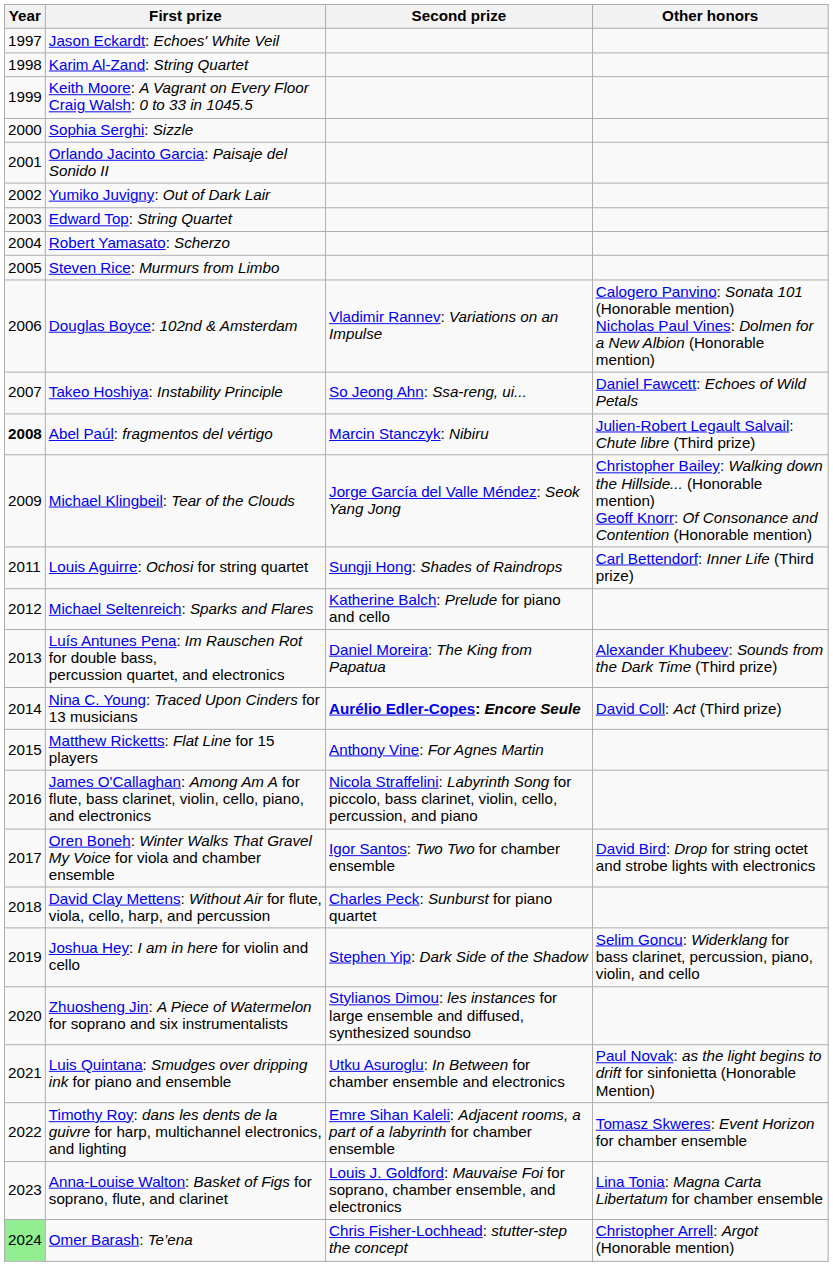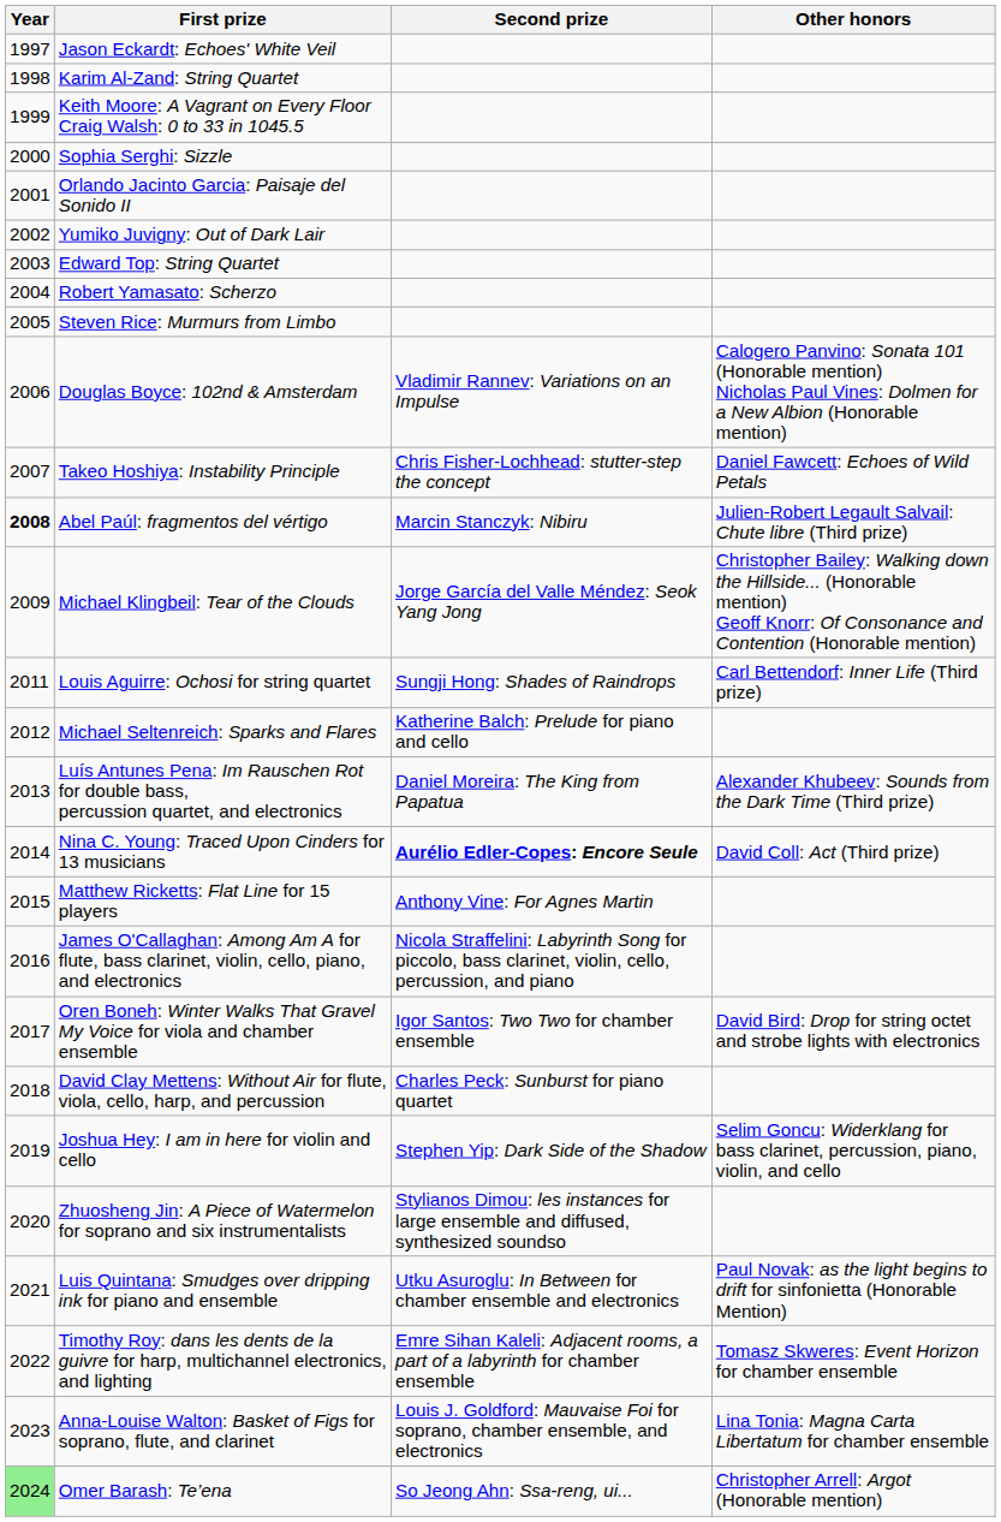 <table class="wikitable">
 <tr>
 <th>Year</th>
 <th>First prize</th>
 <th>Second prize</th>
 <th>Other honors</th>
 </tr>
 <tr>
 <td>1997</td>
 <td><a href='#'>Jason Eckardt</a>: <em>Echoes' White Veil</em></td>
 <td></td>
 <td></td>
 </tr>
 <tr>
 <td>1998</td>
 <td><a href='#'>Karim Al-Zand</a>: <em>String Quartet</em></td>
 <td></td>
 <td></td>
 </tr>
 <tr>
 <td>1999</td>
 <td><a href='#'>Keith Moore</a>: <em>A Vagrant on Every Floor</em><br><a href='#'>Craig Walsh</a>: <em>0 to 33 in 1045.5</em></td>
 <td></td>
 <td></td>
 </tr>
 <tr>
 <td>2000</td>
 <td><a href='#'>Sophia Serghi</a>: <em>Sizzle</em></td>
 <td></td>
 <td></td>
 </tr>
 <tr>
 <td>2001</td>
 <td><a href='#'>Orlando Jacinto Garcia</a>: <em>Paisaje del Sonido II</em></td>
 <td></td>
 <td></td>
 </tr>
 <tr>
 <td>2002</td>
 <td><a href='#'>Yumiko Juvigny</a>: <em>Out of Dark Lair</em></td>
 <td></td>
 <td></td>
 </tr>
 <tr>
 <td>2003</td>
 <td><a href='#'>Edward Top</a>: <em>String Quartet</em></td>
 <td></td>
 <td></td>
 </tr>
 <tr>
 <td>2004</td>
 <td><a href='#'>Robert Yamasato</a>: <em>Scherzo</em></td>
 <td></td>
 <td></td>
 </tr>
 <tr>
 <td>2005</td>
 <td><a href='#'>Steven Rice</a>: <em>Murmurs from Limbo</em></td>
 <td></td>
 <td></td>
 </tr>
 <tr>
 <td>2006</td>
 <td><a href='#'>Douglas Boyce</a>: <em>102nd & Amsterdam</em></td>
 <td><a href='#'>Vladimir Rannev</a>: <em>Variations on an Impulse</em></td>
 <td><a href='#'>Calogero Panvino</a>: <em>Sonata 101</em> (Honorable mention)<br><a href='#'>Nicholas Paul Vines</a>: <em>Dolmen for a New Albion</em> (Honorable mention)</td>
 </tr>
 <tr>
 <td>2007</td>
 <td><a href='#'>Takeo Hoshiya</a>: <em>Instability Principle</em></td>
-<td><a href='#'>So Jeong Ahn</a>: <em>Ssa-reng, ui...</em></td>
+<td><a href='#'> Chris Fisher-Lochhead</a>: <em>stutter-step the concept</em></td>
 <td><a href='#'> Daniel Fawcett</a>: <em>Echoes of Wild Petals</em></td>
 </tr>
 <tr>
 <td><strong>2008</strong></td>
 <td><a href='#'>Abel Paúl</a>: <em>fragmentos del vértigo</em></td>
 <td><a href='#'>Marcin Stanczyk</a>: <em>Nibiru</em></td>
 <td><a href='#'>Julien-Robert Legault Salvail</a>: <em>Chute libre</em> (Third prize)</td>
 </tr>
 <tr>
 <td>2009</td>
 <td><a href='#'>Michael Klingbeil</a>: <em>Tear of the Clouds</em></td>
 <td><a href='#'>Jorge García del Valle Méndez</a>: <em>Seok Yang Jong</em></td>
 <td><a href='#'>Christopher Bailey</a>: <em>Walking down the Hillside...</em> (Honorable mention)<br><a href='#'>Geoff Knorr</a>: <em>Of Consonance and Contention</em> (Honorable mention)</td>
 </tr>
 <tr>
 <td>2011</td>
 <td><a href='#'>Louis Aguirre</a>: <em>Ochosi</em> for string quartet</td>
 <td><a href='#'>Sungji Hong</a>: <em>Shades of Raindrops</em></td>
 <td><a href='#'>Carl Bettendorf</a>: <em>Inner Life</em> (Third prize)</td>
 </tr>
 <tr>
 <td>2012</td>
 <td><a href='#'>Michael Seltenreich</a>: <em>Sparks and Flares</em></td>
 <td><a href='#'>Katherine Balch</a>: <em>Prelude</em> for piano and cello</td>
 <td></td>
 </tr>
 <tr>
 <td>2013</td>
 <td><a href='#'>Luís Antunes Pena</a>: <em>Im Rauschen Rot</em> for double bass,<br>percussion quartet, and electronics</td>
 <td><a href='#'>Daniel Moreira</a>: <em>The King from Papatua</em></td>
 <td><a href='#'>Alexander Khubeev</a>: <em>Sounds from the Dark Time</em> (Third prize)</td>
 </tr>
 <tr>
 <td>2014</td>
 <td><a href='#'>Nina C. Young</a>: <em>Traced Upon Cinders</em> for 13 musicians</td>
 <td><strong><a href='#'>Aurélio Edler-Copes</a>: <em>Encore Seule</em></strong></td>
 <td><a href='#'>David Coll</a>: <em>Act</em> (Third prize)</td>
 </tr>
 <tr>
 <td>2015</td>
 <td><a href='#'>Matthew Ricketts</a>: <em>Flat Line</em> for 15 players</td>
 <td><a href='#'>Anthony Vine</a>: <em>For Agnes Martin</em></td>
 <td></td>
 </tr>
 <tr>
 <td>2016</td>
 <td><a href='#'>James O'Callaghan</a>:  <em>Among Am A</em> for flute, bass clarinet, violin, cello, piano, and electronics</td>
 <td><a href='#'>Nicola Straffelini</a>: <em>Labyrinth Song</em> for piccolo, bass clarinet, violin, cello, percussion, and piano</td>
 <td></td>
 </tr>
 <tr>
 <td>2017</td>
 <td><a href='#'>Oren Boneh</a>: <em>Winter Walks That Gravel My Voice</em> for viola and chamber ensemble</td>
 <td><a href='#'>Igor Santos</a>: <em>Two Two</em> for chamber ensemble</td>
 <td><a href='#'>David Bird</a>: <em>Drop</em> for string octet and strobe lights with electronics</td>
 </tr>
 <tr>
 <td>2018</td>
 <td><a href='#'>David Clay Mettens</a>: <em>Without Air</em> for flute, viola, cello, harp, and percussion</td>
 <td><a href='#'>Charles Peck</a>: <em>Sunburst</em> for piano quartet</td>
 <td></td>
 </tr>
 <tr>
 <td>2019</td>
 <td><a href='#'>Joshua Hey</a>: <em>I am in here</em> for violin and cello</td>
 <td><a href='#'>Stephen Yip</a>: <em>Dark Side of the Shadow</em></td>
 <td><a href='#'>Selim Goncu</a>: <em>Widerklang</em> for bass clarinet, percussion, piano, violin, and cello</td>
 </tr>
 <tr>
 <td>2020</td>
 <td><a href='#'>Zhuosheng Jin</a>: <em>A Piece of Watermelon</em> for soprano and six instrumentalists</td>
 <td><a href='#'>Stylianos Dimou</a>: <em>les instances</em> for large ensemble and diffused, synthesized soundso</td>
 </tr>
 <tr>
 <td>2021</td>
 <td><a href='#'>Luis Quintana</a>: <em>Smudges over dripping ink</em> for piano and ensemble</td>
 <td><a href='#'>Utku Asuroglu</a>: <em>In Between</em> for chamber ensemble and electronics</td>
 <td><a href='#'>Paul Novak</a>: <em>as the light begins to drift</em> for sinfonietta (Honorable Mention)</td>
 </tr>
 <tr>
 <td>2022</td>
 <td><a href='#'>Timothy Roy</a>: <em>dans les dents de la guivre</em> for harp, multichannel electronics, and lighting</td>
 <td><a href='#'>Emre Sihan Kaleli</a>: <em>Adjacent rooms, a part of a labyrinth</em> for chamber ensemble</td>
 <td><a href='#'>Tomasz Skweres</a>: <em>Event Horizon</em> for chamber ensemble</td>
 </tr>
 <tr>
 <td>2023</td>
 <td><a href='#'>Anna-Louise Walton</a>: <em>Basket of Figs</em> for soprano, flute, and clarinet</td>
 <td><a href='#'>Louis J. Goldford</a>: <em>Mauvaise Foi</em> for soprano, chamber ensemble, and electronics</td>
 <td><a href='#'>Lina Tonia</a>: <em>Magna Carta Libertatum</em> for chamber ensemble</td>
 </tr>
 <tr>
 <td style="background: lightgreen;">2024</td>
 <td><a href='#'>Omer Barash</a>: <em>Te’ena</em></td>
-<td><a href='#'> Chris Fisher-Lochhead</a>: <em>stutter-step the concept</em></td>
+<td><a href='#'>So Jeong Ahn</a>: <em>Ssa-reng, ui...</em></td>
 <td><a href='#'>Christopher Arrell</a>: <em>Argot</em> (Honorable mention)</td>
 </tr>
 </table>
